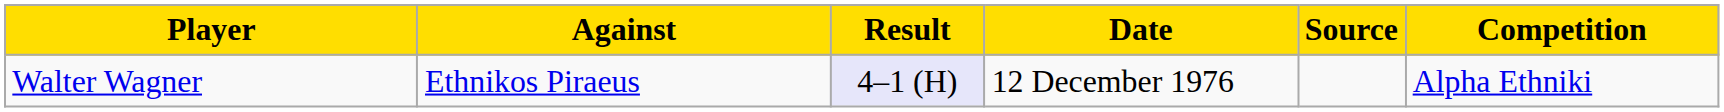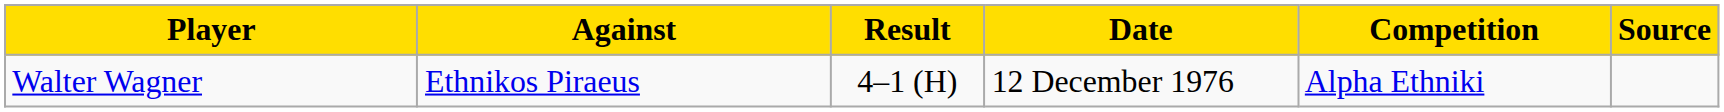 <table class="wikitable">
 <tr>
 <th width=200 style="background:#FFDE00">Player</th>
 <th width=200 style="background:#FFDE00">Against</th>
 <th width=70 style="background:#FFDE00">Result</th>
 <th width=150 style="background:#FFDE00">Date</th>
+<th width=150 style="background:#FFDE00">Competition</th>
 <th style="background:#FFDE00">Source</th>
-<th width=150 style="background:#FFDE00">Competition</th>
 </tr>
 <tr>
 <td> <a href='#'>Walter Wagner</a></td>
 <td> <a href='#'>Ethnikos Piraeus</a></td>
-<td align=center style="background: lavender;">4–1 (H)</td>
+<td align=center>4–1 (H)</td>
 <td>12 December 1976</td>
+<td><a href='#'>Alpha Ethniki</a></td>
 <td align=center></td>
-<td><a href='#'>Alpha Ethniki</a></td>
 </tr>
 </table>
